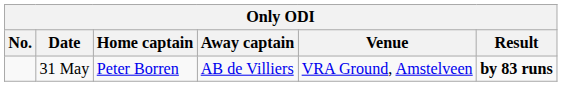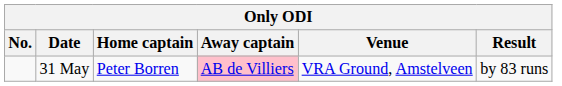 <table class="wikitable">
 <tr>
 <th colspan="9">Only ODI</th>
 </tr>
 <tr>
 <th>No.</th>
 <th>Date</th>
 <th>Home captain</th>
 <th>Away captain</th>
 <th>Venue</th>
 <th>Result</th>
 </tr>
 <tr>
 <td></td>
 <td>31 May</td>
 <td><a href='#'>Peter Borren</a></td>
-<td><a href='#'>AB de Villiers</a></td>
+<td style="background: pink;"><a href='#'>AB de Villiers</a></td>
 <td><a href='#'>VRA Ground</a>, <a href='#'>Amstelveen</a></td>
-<td><strong> by 83 runs</strong></td>
+<td> by 83 runs</td>
 </tr>
 </table>
